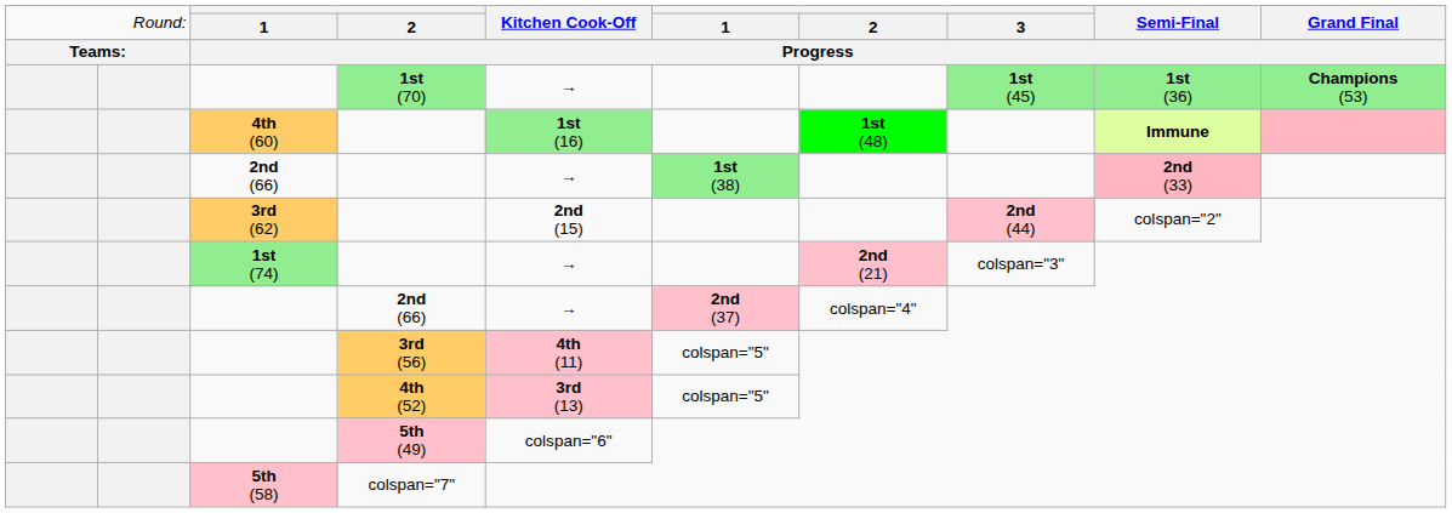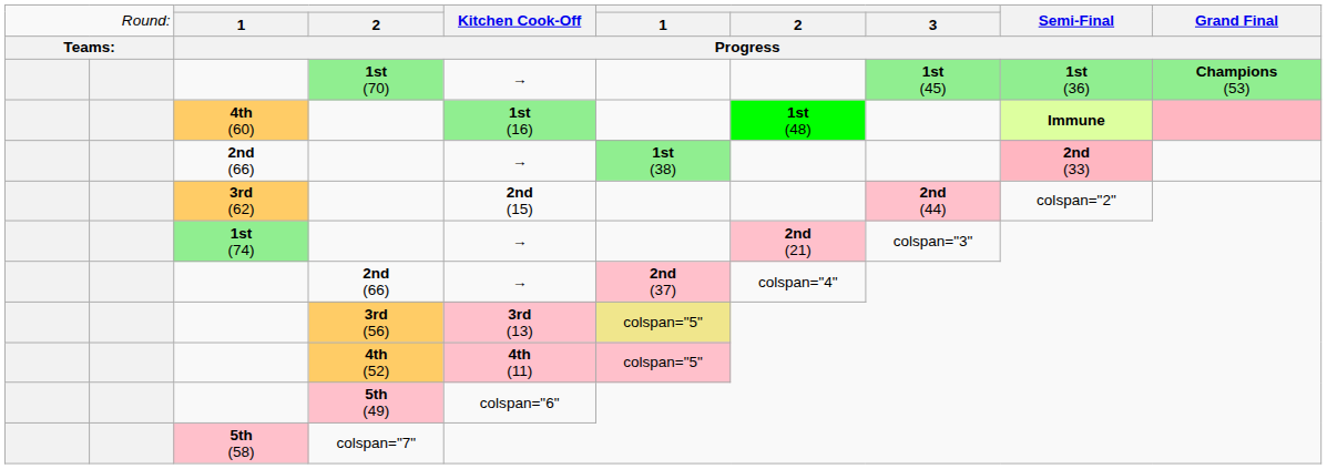 <table class="wikitable" style="margin:1em auto; text-align: center; font-size: 90%; line-height:16px; width:100%">
 <tr>
 <td style="width:10%; text-align:right;" rowspan="2" colspan="2"><em>Round:</em></td>
 <th colspan=2></th>
 <th rowspan="2" style="width:9%;"><a href='#'>Kitchen Cook-Off</a></th>
 <th colspan=3></th>
 <th rowspan="2" style="width:9%;"><a href='#'>Semi-Final</a></th>
 <th rowspan="2" style="width:10%;"><a href='#'>Grand Final</a></th>
 </tr>
 <tr>
 <th style="width:8%">1</th>
 <th style="width:8%">2</th>
 <th style="width:8%">1</th>
 <th style="width:8%">2</th>
 <th style="width:8%">3</th>
 </tr>
 <tr>
 <th colspan=2>Teams:</th>
 <th colspan="8">Progress</th>
 </tr>
 <tr>
 <th></th>
 <th></th>
 <td></td>
 <td bgcolor="lightgreen"><strong>1st</strong><br>(70)</td>
 <td>→</td>
 <td></td>
 <td></td>
 <td bgcolor="lightgreen"><strong>1st</strong><br>(45)</td>
 <td bgcolor="lightgreen"><strong>1st</strong><br>(36)</td>
 <td bgcolor="lightgreen"><strong>Champions</strong><br>(53)</td>
 </tr>
 <tr>
 <th></th>
 <th></th>
 <td style="background:#FFCC66"><strong>4th</strong><br>(60)</td>
 <td></td>
 <td bgcolor="lightgreen"><strong>1st</strong><br>(16)</td>
 <td></td>
 <td bgcolor="#00FF00"><strong>1st</strong><br>(48)</td>
 <td></td>
 <td style="text-align:center" bgcolor="DDFF9F"><strong>Immune</strong></td>
 <td bgcolor="lightpink"></td>
 </tr>
 <tr>
 <th></th>
 <th></th>
 <td><strong>2nd</strong><br>(66)</td>
 <td></td>
 <td>→</td>
 <td bgcolor="lightgreen"><strong>1st</strong><br>(38)</td>
 <td></td>
 <td></td>
 <td bgcolor="lightpink"><strong>2nd</strong><br>(33)</td>
 <td></td>
 </tr>
 <tr>
 <th></th>
 <th></th>
 <td style="background:#FFCC66"><strong>3rd</strong><br>(62)</td>
 <td></td>
 <td><strong>2nd</strong><br>(15)</td>
 <td></td>
 <td></td>
 <td style="background:pink;"><strong>2nd</strong><br>(44)</td>
 <td>colspan="2" </td>
 </tr>
 <tr>
 <th></th>
 <th></th>
 <td bgcolor="lightgreen"><strong>1st</strong><br>(74)</td>
 <td></td>
 <td>→</td>
 <td></td>
 <td style="background:pink;"><strong>2nd</strong><br>(21)</td>
 <td>colspan="3" </td>
 </tr>
 <tr>
 <th></th>
 <th></th>
 <td></td>
 <td><strong>2nd</strong><br>(66)</td>
 <td>→</td>
 <td style="background:pink;"><strong>2nd</strong><br>(37)</td>
 <td>colspan="4" </td>
 </tr>
 <tr>
 <th></th>
 <th></th>
 <td></td>
 <td style="background:#FFCC66"><strong>3rd</strong><br>(56)</td>
-<td style="background:pink;"><strong>4th</strong><br>(11)</td>
-<td>colspan="5" </td>
+<td style="background:pink;"><strong>3rd</strong><br>(13)</td>
+<td style="background: khaki;">colspan="5" </td>
 </tr>
 <tr>
 <th></th>
 <th></th>
 <td></td>
 <td style="background:#FFCC66"><strong>4th</strong><br>(52)</td>
-<td style="background:pink;"><strong>3rd</strong><br>(13)</td>
-<td>colspan="5" </td>
+<td style="background:pink;"><strong>4th</strong><br>(11)</td>
+<td style="background: pink;">colspan="5" </td>
 </tr>
 <tr>
 <th></th>
 <th></th>
 <td></td>
 <td style="background:pink;"><strong>5th</strong><br>(49)</td>
 <td>colspan="6" </td>
 </tr>
 <tr>
 <th></th>
 <th></th>
 <td style="background:pink;"><strong>5th</strong><br>(58)</td>
 <td>colspan="7" </td>
 </tr>
 </table>
